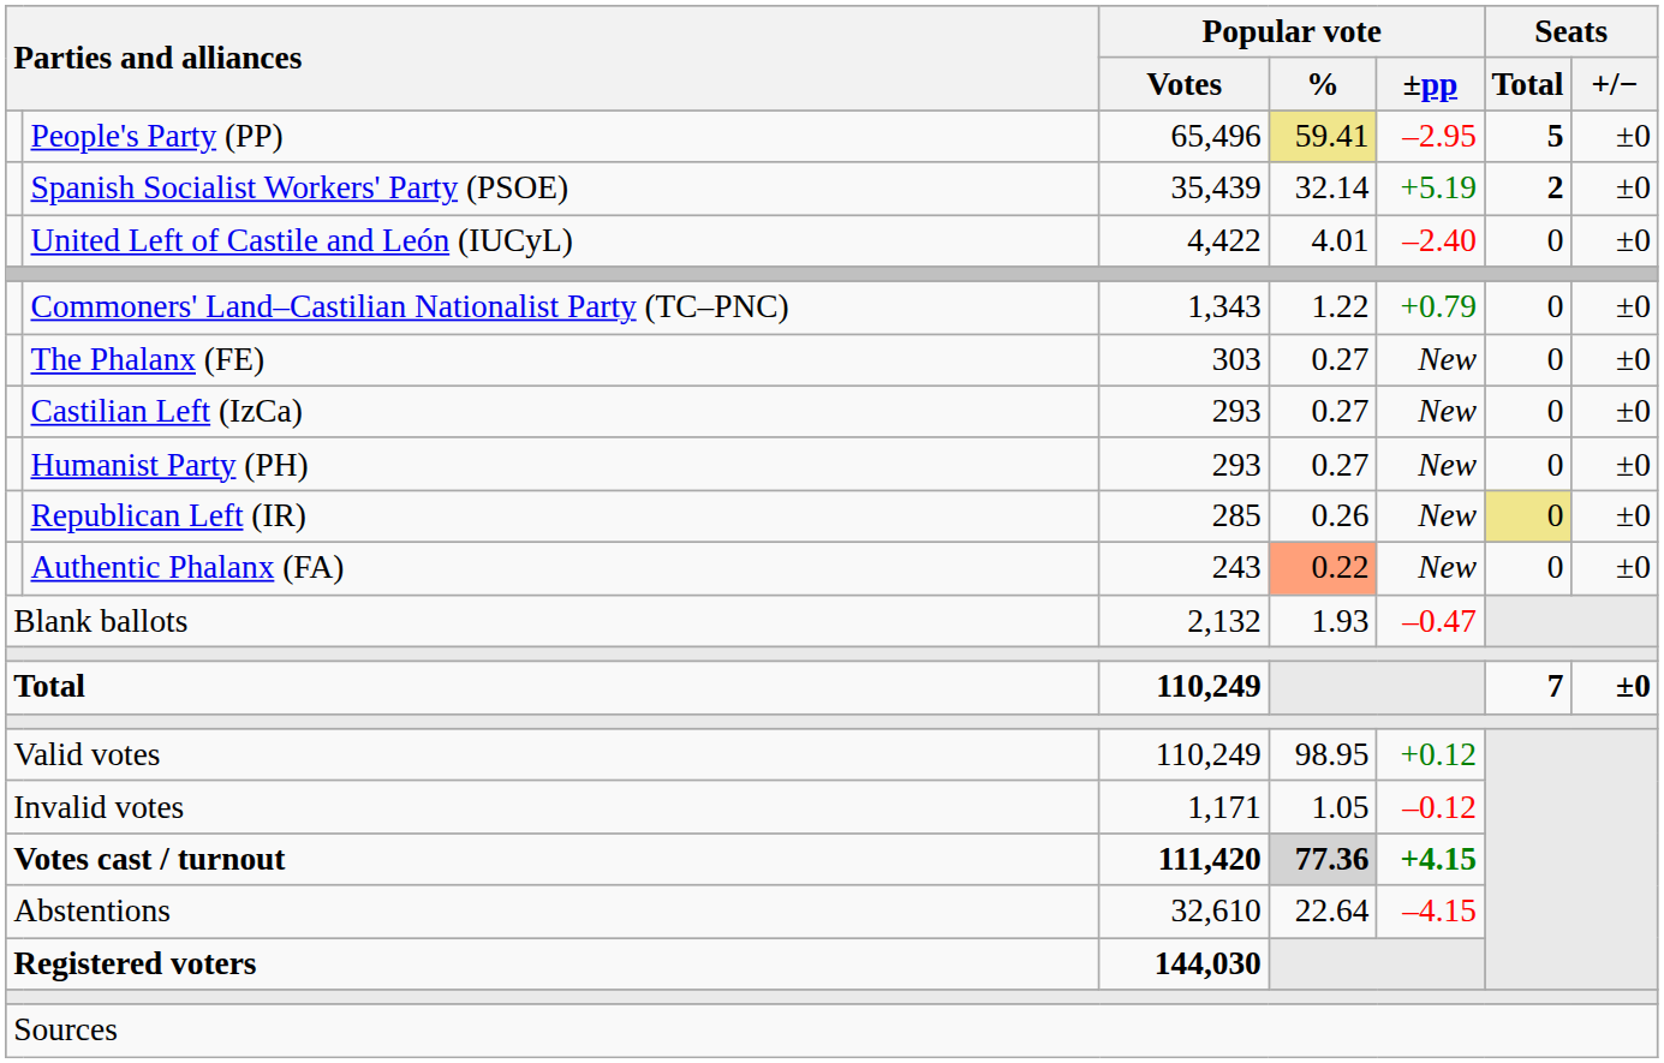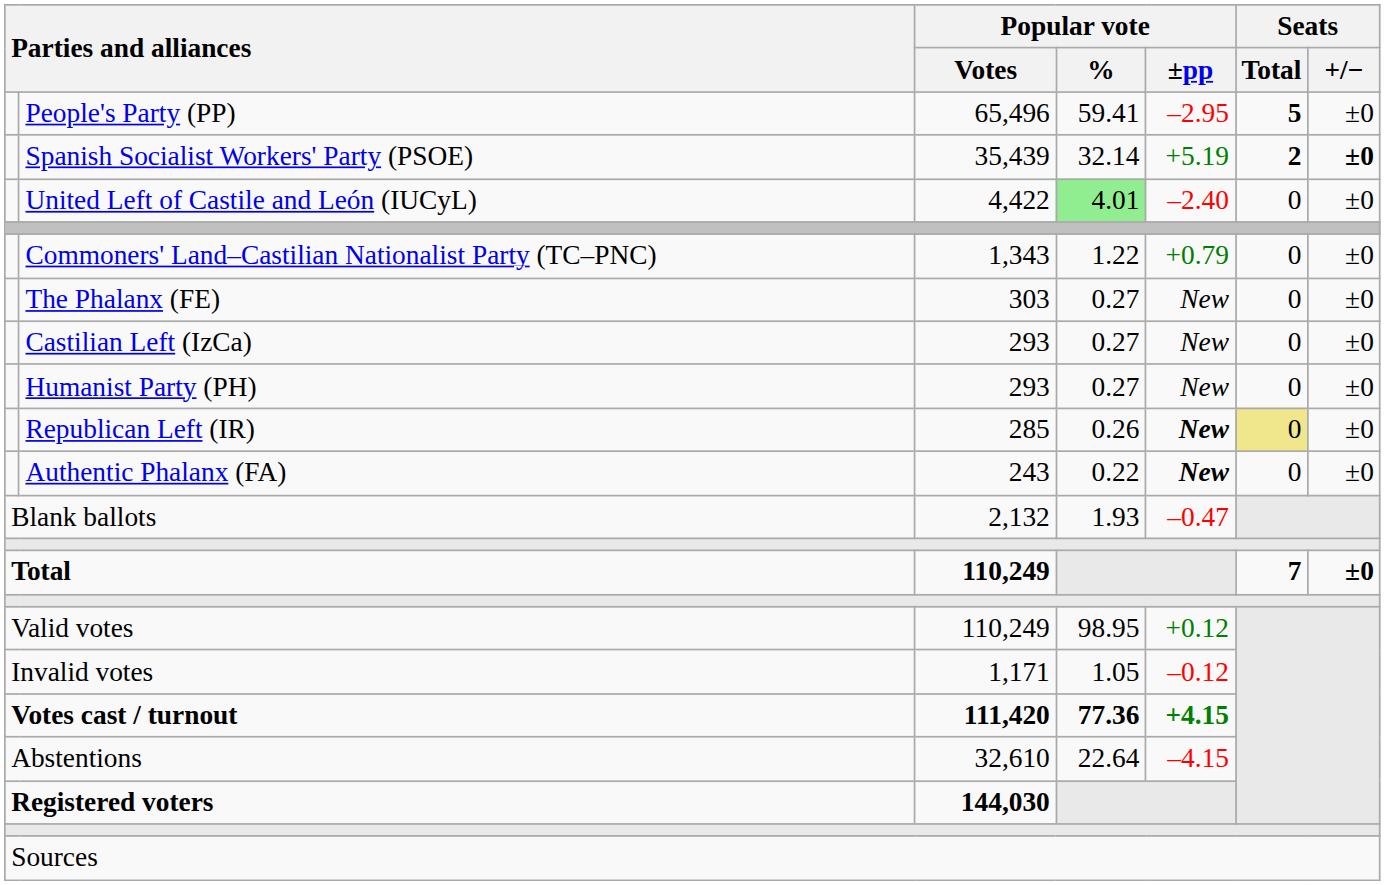 <table class="wikitable" style="text-align:right;">
 <tr>
 <th style="text-align:left;" rowspan="2" colspan="2" width="525">Parties and alliances</th>
 <th colspan="3">Popular vote</th>
 <th colspan="2">Seats</th>
 </tr>
 <tr>
 <th width="75">Votes</th>
 <th width="45">%</th>
 <th width="45">±<a href='#'>pp</a></th>
 <th width="35">Total</th>
 <th width="35">+/−</th>
 </tr>
 <tr>
 <td width="1" style="color:inherit;background:"></td>
 <td align="left"><a href='#'>People's Party</a> (PP)</td>
 <td>65,496</td>
-<td style="background: khaki;">59.41</td>
+<td>59.41</td>
 <td style="color:red;">–2.95</td>
 <td><strong>5</strong></td>
 <td>±0</td>
 </tr>
 <tr>
 <td style="color:inherit;background:"></td>
 <td align="left"><a href='#'>Spanish Socialist Workers' Party</a> (PSOE)</td>
 <td>35,439</td>
 <td>32.14</td>
 <td style="color:green;">+5.19</td>
 <td><strong>2</strong></td>
-<td>±0</td>
+<td><strong>±0</strong></td>
 </tr>
 <tr>
 <td style="color:inherit;background:"></td>
 <td align="left"><a href='#'>United Left of Castile and León</a> (IUCyL)</td>
 <td>4,422</td>
-<td>4.01</td>
+<td style="background: lightgreen;">4.01</td>
 <td style="color:red;">–2.40</td>
 <td>0</td>
 <td>±0</td>
 </tr>
 <tr>
 <td colspan="7" bgcolor="#C0C0C0"></td>
 </tr>
 <tr>
 <td style="color:inherit;background:"></td>
 <td align="left"><a href='#'>Commoners' Land–Castilian Nationalist Party</a> (TC–PNC)</td>
 <td>1,343</td>
 <td>1.22</td>
 <td style="color:green;">+0.79</td>
 <td>0</td>
 <td>±0</td>
 </tr>
 <tr>
 <td style="color:inherit;background:"></td>
 <td align="left"><a href='#'>The Phalanx</a> (FE)</td>
 <td>303</td>
 <td>0.27</td>
 <td><em>New</em></td>
 <td>0</td>
 <td>±0</td>
 </tr>
 <tr>
 <td style="color:inherit;background:"></td>
 <td align="left"><a href='#'>Castilian Left</a> (IzCa)</td>
 <td>293</td>
 <td>0.27</td>
 <td><em>New</em></td>
 <td>0</td>
 <td>±0</td>
 </tr>
 <tr>
 <td style="color:inherit;background:"></td>
 <td align="left"><a href='#'>Humanist Party</a> (PH)</td>
 <td>293</td>
 <td>0.27</td>
 <td><em>New</em></td>
 <td>0</td>
 <td>±0</td>
 </tr>
 <tr>
 <td style="color:inherit;background:"></td>
 <td align="left"><a href='#'>Republican Left</a> (IR)</td>
 <td>285</td>
 <td>0.26</td>
-<td><em>New</em></td>
+<td><strong><em>New</em></strong></td>
 <td style="background: khaki;">0</td>
 <td>±0</td>
 </tr>
 <tr>
 <td style="color:inherit;background:"></td>
 <td align="left"><a href='#'>Authentic Phalanx</a> (FA)</td>
 <td>243</td>
-<td style="background: lightsalmon;">0.22</td>
-<td><em>New</em></td>
+<td>0.22</td>
+<td><strong><em>New</em></strong></td>
 <td>0</td>
 <td>±0</td>
 </tr>
 <tr>
 <td align="left" colspan="2">Blank ballots</td>
 <td>2,132</td>
 <td>1.93</td>
 <td style="color:red;">–0.47</td>
 <td bgcolor="#E9E9E9" colspan="2"></td>
 </tr>
 <tr>
 <td colspan="7" bgcolor="#E9E9E9"></td>
 </tr>
 <tr style="font-weight:bold;">
 <td align="left" colspan="2">Total</td>
 <td>110,249</td>
 <td bgcolor="#E9E9E9" colspan="2"></td>
 <td>7</td>
 <td>±0</td>
 </tr>
 <tr>
 <td colspan="7" bgcolor="#E9E9E9"></td>
 </tr>
 <tr>
 <td align="left" colspan="2">Valid votes</td>
 <td>110,249</td>
 <td>98.95</td>
 <td style="color:green;">+0.12</td>
 <td bgcolor="#E9E9E9" colspan="2" rowspan="5"></td>
 </tr>
 <tr>
 <td align="left" colspan="2">Invalid votes</td>
 <td>1,171</td>
 <td>1.05</td>
 <td style="color:red;">–0.12</td>
 </tr>
 <tr style="font-weight:bold;">
 <td align="left" colspan="2">Votes cast / turnout</td>
 <td>111,420</td>
-<td style="background: lightgrey;">77.36</td>
+<td>77.36</td>
 <td style="color:green;">+4.15</td>
 </tr>
 <tr>
 <td align="left" colspan="2">Abstentions</td>
 <td>32,610</td>
 <td>22.64</td>
 <td style="color:red;">–4.15</td>
 </tr>
 <tr style="font-weight:bold;">
 <td align="left" colspan="2">Registered voters</td>
 <td>144,030</td>
 <td bgcolor="#E9E9E9" colspan="2"></td>
 </tr>
 <tr>
 <td colspan="7" bgcolor="#E9E9E9"></td>
 </tr>
 <tr>
 <td align="left" colspan="7">Sources</td>
 </tr>
 </table>
